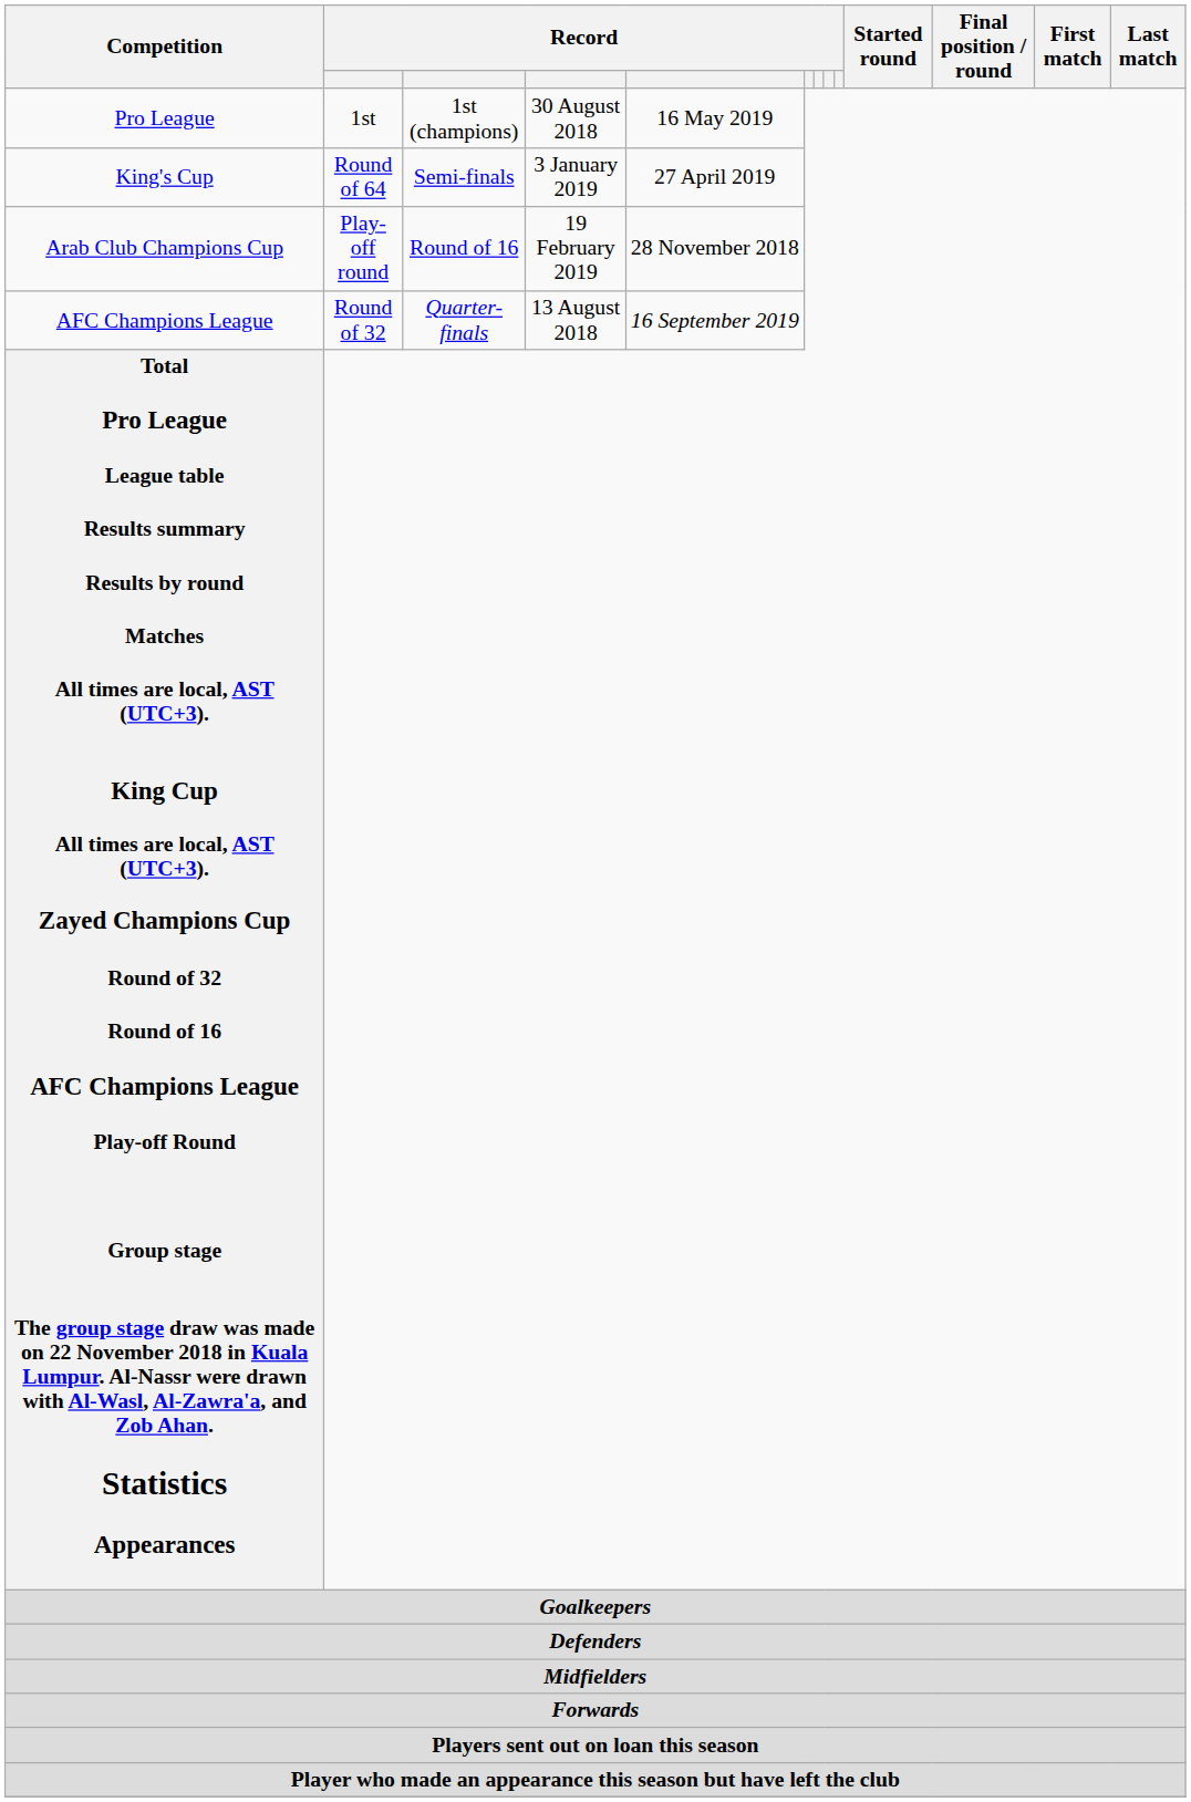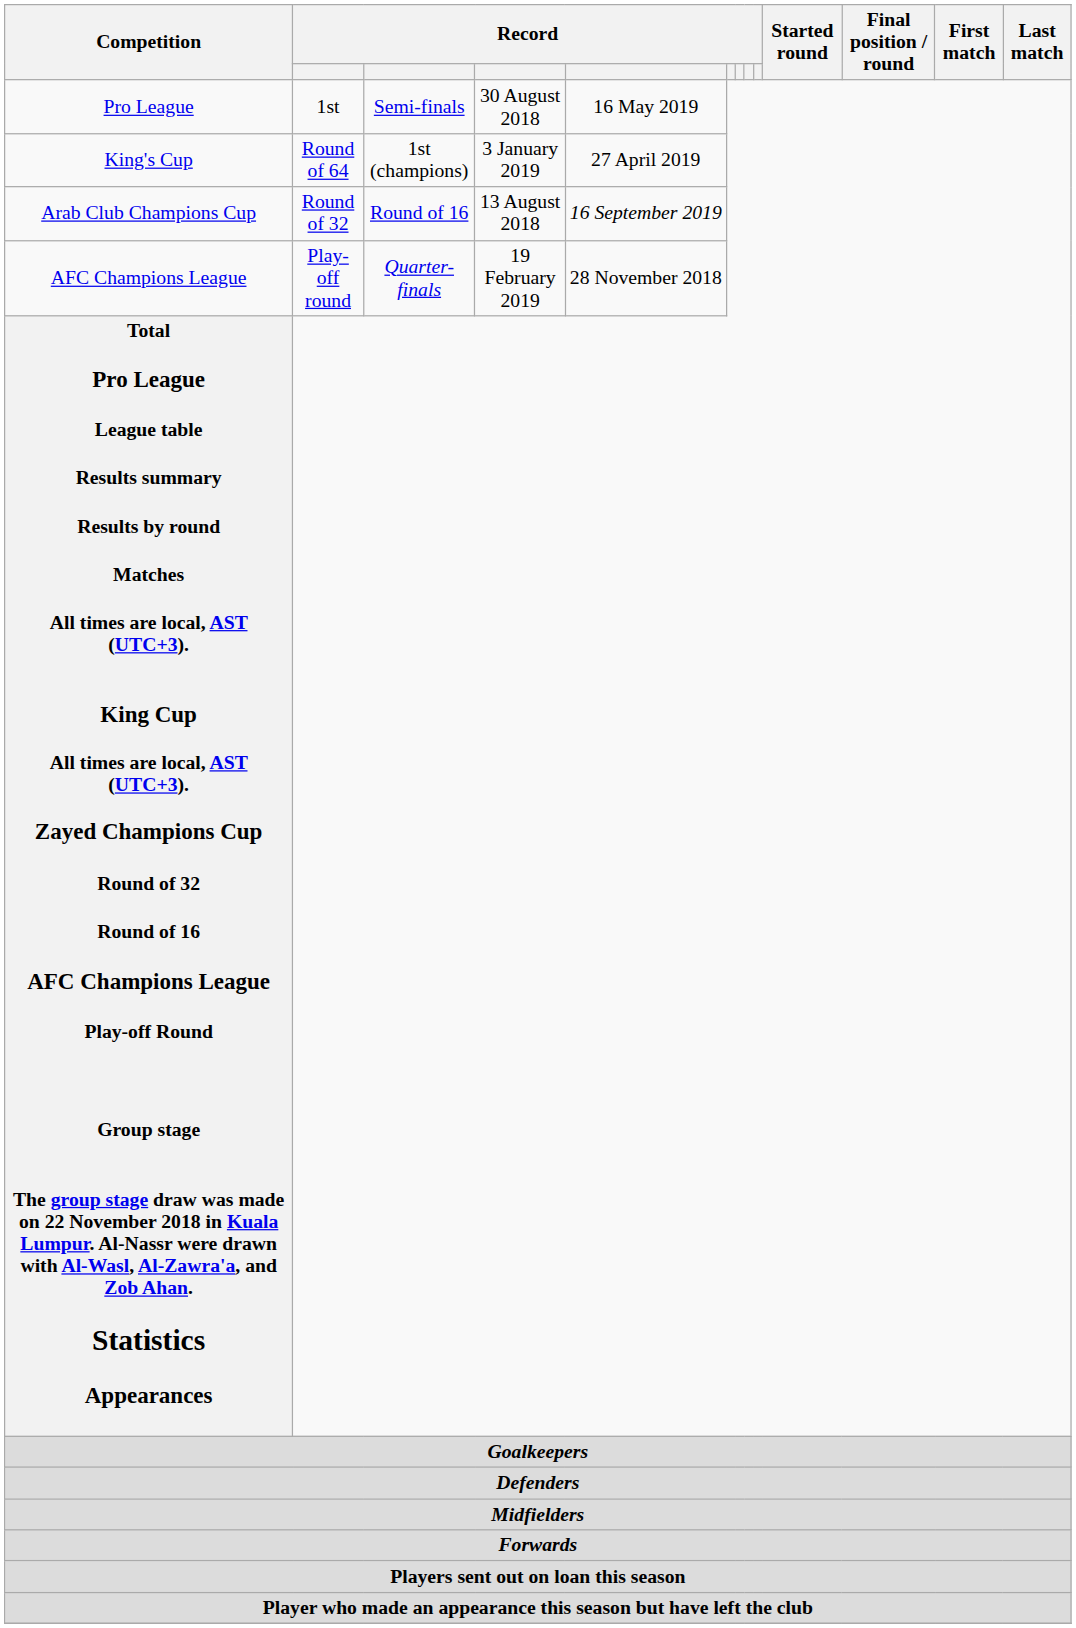 <table class="wikitable" style="text-align: center">
 <tr>
 <th rowspan=2>Competition</th>
 <th colspan=8>Record</th>
 <th rowspan=2>Started round</th>
 <th rowspan=2>Final position / round</th>
 <th rowspan=2>First match</th>
 <th rowspan=2>Last match</th>
 </tr>
 <tr>
 <th></th>
 <th></th>
 <th></th>
 <th></th>
 <th></th>
 <th></th>
 <th></th>
 <th></th>
 </tr>
 <tr>
 <td><a href='#'>Pro League</a><br></td>
 <td>1st</td>
-<td>1st (champions)</td>
+<td><a href='#'>Semi-finals</a></td>
 <td>30 August 2018</td>
 <td>16 May 2019</td>
 </tr>
 <tr>
 <td><a href='#'>King's Cup</a><br></td>
 <td><a href='#'>Round of 64</a></td>
-<td><a href='#'>Semi-finals</a></td>
+<td>1st (champions)</td>
 <td>3 January 2019</td>
 <td>27 April 2019</td>
 </tr>
 <tr>
 <td><a href='#'>Arab Club Champions Cup</a><br></td>
-<td><a href='#'>Play-off round</a></td>
+<td><a href='#'>Round of 32</a></td>
 <td><a href='#'>Round of 16</a></td>
-<td>19 February 2019</td>
-<td>28 November 2018</td>
+<td>13 August 2018</td>
+<td><em>16 September 2019</em></td>
 </tr>
 <tr>
 <td><a href='#'>AFC Champions League</a><br></td>
-<td><a href='#'>Round of 32</a></td>
+<td><a href='#'>Play-off round</a></td>
 <td><em><a href='#'>Quarter-finals</a></em></td>
-<td>13 August 2018</td>
-<td><em>16 September 2019</em></td>
+<td>19 February 2019</td>
+<td>28 November 2018</td>
 </tr>
 <tr>
 <th>Total<br> <h3>Pro League</h3><h4>League table</h4><h4>Results summary</h4> <h4>Results by round</h4><h4>Matches</h4>All times are local, <a href='#'>AST</a> (<a href='#'>UTC+3</a>).<br>   <br>                             <h3>King Cup</h3> All times are local, <a href='#'>AST</a> (<a href='#'>UTC+3</a>).<br>    <h3>Zayed Champions Cup</h3><h4>Round of 32</h4> <h4>Round of 16</h4> <h3>AFC Champions League</h3><h4>Play-off Round</h4><br><h4>Group stage</h4><br>The <a href='#'>group stage</a> draw was made on 22 November 2018 in <a href='#'>Kuala Lumpur</a>. Al-Nassr were drawn with <a href='#'>Al-Wasl</a>, <a href='#'>Al-Zawra'a</a>, and <a href='#'>Zob Ahan</a>. <br>     <h2>Statistics</h2><h3>Appearances</h3></th>
 </tr>
 <tr>
 <th colspan=16 style=background:#dcdcdc; text-align:center><em>Goalkeepers</em><br>   </th>
 </tr>
 <tr>
 <th colspan=16 style=background:#dcdcdc; text-align:center><em>Defenders</em><br>       </th>
 </tr>
 <tr>
 <th colspan=16 style=background:#dcdcdc; text-align:center><em>Midfielders</em><br>                 </th>
 </tr>
 <tr>
 <th colspan=16 style=background:#dcdcdc; text-align:center><em>Forwards</em><br>    </th>
 </tr>
 <tr>
 <th colspan=18 style=background:#dcdcdc; text-align:center>Players sent out on loan this season<br> </th>
 </tr>
 <tr>
 <th colspan=18 style=background:#dcdcdc; text-align:center>Player who made an appearance this season but have left the club<br> </th>
 </tr>
 <tr>
 </tr>
 </table>
